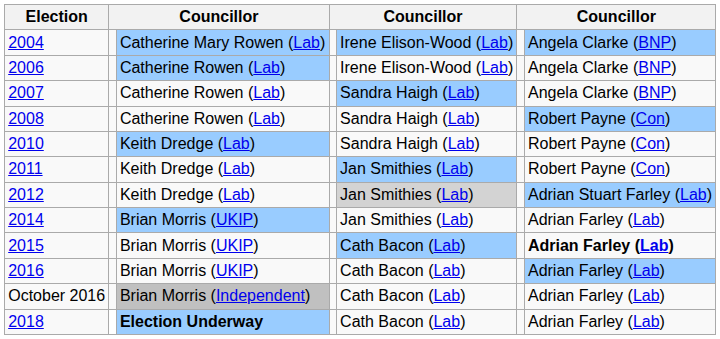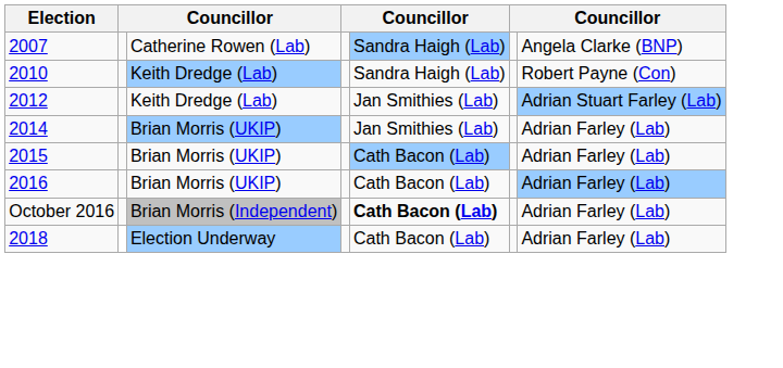 <table class="wikitable">
 <tr>
 <th>Election</th>
 <th colspan="2">Councillor</th>
 <th colspan="2">Councillor</th>
 <th colspan="2">Councillor</th>
-</tr>
-<tr>
-<td><a href='#'>2004</a></td>
-<td style="background-color: "></td>
-<td bgcolor="#99CCFF">Catherine Mary Rowen (<a href='#'>Lab</a>)</td>
-<td style="background-color: "></td>
-<td bgcolor="#99CCFF">Irene Elison-Wood (<a href='#'>Lab</a>)</td>
-<td style="background-color: "></td>
-<td bgcolor="#99CCFF">Angela Clarke (<a href='#'>BNP</a>)</td>
-</tr>
-<tr>
-<td><a href='#'>2006</a></td>
-<td style="background-color: "></td>
-<td bgcolor="#99CCFF">Catherine Rowen (<a href='#'>Lab</a>)</td>
-<td style="background-color: "></td>
-<td>Irene Elison-Wood (<a href='#'>Lab</a>)</td>
-<td style="background-color: "></td>
-<td>Angela Clarke (<a href='#'>BNP</a>)</td>
 </tr>
 <tr>
 <td><a href='#'>2007</a></td>
 <td style="background-color: "></td>
 <td>Catherine Rowen (<a href='#'>Lab</a>)</td>
 <td style="background-color: "></td>
 <td bgcolor="#99CCFF">Sandra Haigh (<a href='#'>Lab</a>)</td>
 <td style="background-color: "></td>
 <td>Angela Clarke (<a href='#'>BNP</a>)</td>
 </tr>
 <tr>
-<td><a href='#'>2008</a></td>
-<td style="background-color: "></td>
-<td>Catherine Rowen (<a href='#'>Lab</a>)</td>
-<td style="background-color: "></td>
-<td>Sandra Haigh (<a href='#'>Lab</a>)</td>
-<td style="background-color: "></td>
-<td bgcolor="#99CCFF">Robert Payne (<a href='#'>Con</a>)</td>
-</tr>
-<tr>
 <td><a href='#'>2010</a></td>
 <td style="background-color: "></td>
 <td bgcolor="#99CCFF">Keith Dredge (<a href='#'>Lab</a>)</td>
 <td style="background-color: "></td>
 <td>Sandra Haigh (<a href='#'>Lab</a>)</td>
 <td style="background-color: "></td>
 <td>Robert Payne (<a href='#'>Con</a>)</td>
 </tr>
 <tr>
-<td><a href='#'>2011</a></td>
-<td style="background-color: "></td>
-<td>Keith Dredge (<a href='#'>Lab</a>)</td>
-<td style="background-color: "></td>
-<td bgcolor="#99CCFF">Jan Smithies (<a href='#'>Lab</a>)</td>
-<td style="background-color: "></td>
-<td>Robert Payne (<a href='#'>Con</a>)</td>
-</tr>
-<tr>
 <td><a href='#'>2012</a></td>
 <td style="background-color: "></td>
 <td>Keith Dredge (<a href='#'>Lab</a>)</td>
 <td style="background-color: "></td>
-<td style="background: lightgrey;">Jan Smithies (<a href='#'>Lab</a>)</td>
+<td>Jan Smithies (<a href='#'>Lab</a>)</td>
 <td style="background-color: "></td>
 <td bgcolor="#99CCFF">Adrian Stuart Farley (<a href='#'>Lab</a>)</td>
 </tr>
 <tr>
 <td><a href='#'>2014</a></td>
 <td style="background-color: "></td>
 <td bgcolor="#99CCFF">Brian Morris (<a href='#'>UKIP</a>)</td>
 <td style="background-color: "></td>
 <td>Jan Smithies (<a href='#'>Lab</a>)</td>
 <td style="background-color: "></td>
 <td>Adrian Farley (<a href='#'>Lab</a>)</td>
 </tr>
 <tr>
 <td><a href='#'>2015</a></td>
 <td style="background-color: "></td>
 <td>Brian Morris (<a href='#'>UKIP</a>)</td>
 <td style="background-color: "></td>
 <td bgcolor="#99CCFF">Cath Bacon (<a href='#'>Lab</a>)</td>
 <td style="background-color: "></td>
-<td><strong>Adrian Farley (<a href='#'>Lab</a>)</strong></td>
+<td>Adrian Farley (<a href='#'>Lab</a>)</td>
 </tr>
 <tr>
 <td><a href='#'>2016</a></td>
 <td style="background-color: "></td>
 <td>Brian Morris (<a href='#'>UKIP</a>)</td>
 <td style="background-color: "></td>
 <td>Cath Bacon (<a href='#'>Lab</a>)</td>
 <td style="background-color: "></td>
 <td bgcolor="#99CCFF">Adrian Farley (<a href='#'>Lab</a>)</td>
 </tr>
 <tr>
 <td>October 2016</td>
 <td style="background-color: "></td>
 <td bgcolor="#C0C0C0">Brian Morris (<a href='#'>Independent</a>)</td>
 <td style="background-color: "></td>
-<td>Cath Bacon (<a href='#'>Lab</a>)</td>
+<td><strong>Cath Bacon (<a href='#'>Lab</a>)</strong></td>
 <td style="background-color: "></td>
 <td>Adrian Farley (<a href='#'>Lab</a>)</td>
 </tr>
 <tr>
 <td><a href='#'>2018</a></td>
 <td bgcolor="#ffffff"></td>
-<td bgcolor="#99CCFF"><strong>Election Underway</strong></td>
+<td bgcolor="#99CCFF">Election Underway</td>
 <td style="background-color: "></td>
 <td>Cath Bacon (<a href='#'>Lab</a>)</td>
 <td style="background-color: "></td>
 <td>Adrian Farley (<a href='#'>Lab</a>)</td>
 </tr>
 </table>
